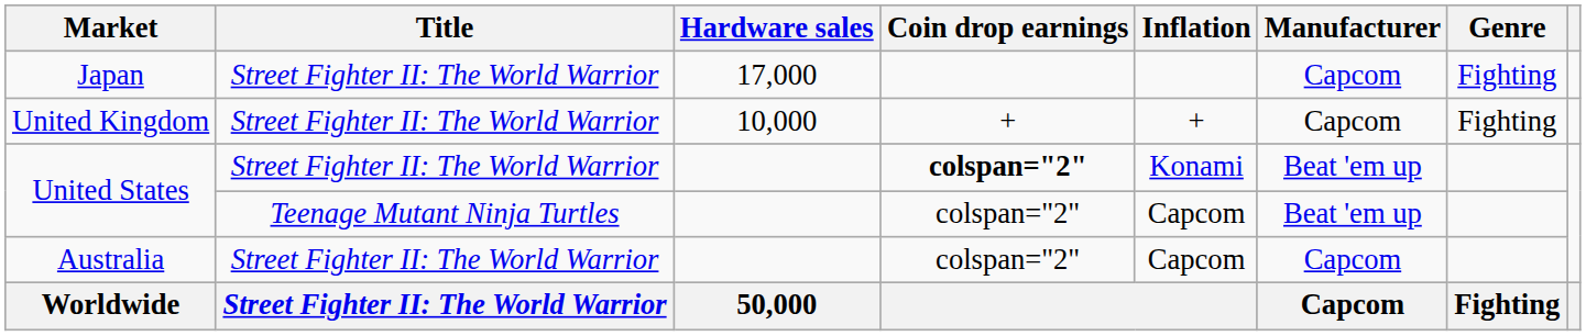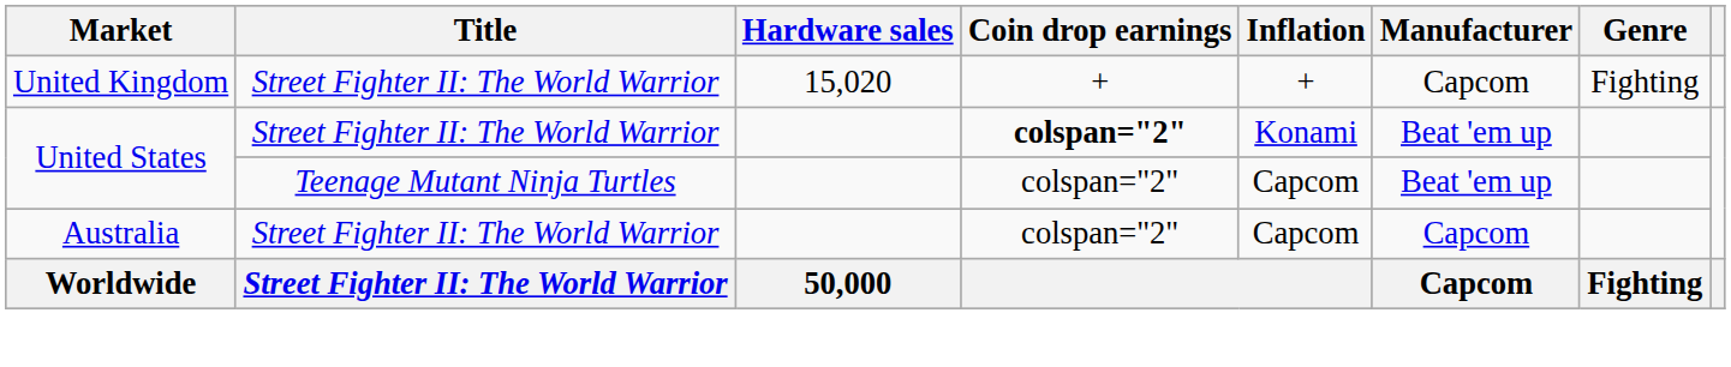 <table class="wikitable sortable" style="text-align:center">
 <tr>
 <th>Market</th>
 <th>Title</th>
 <th><a href='#'>Hardware sales</a></th>
 <th>Coin drop earnings</th>
 <th>Inflation</th>
 <th>Manufacturer</th>
 <th>Genre</th>
 <th class="unsortable"></th>
 </tr>
 <tr>
-<td><a href='#'>Japan</a></td>
-<td><em><a href='#'>Street Fighter II: The World Warrior</a></em></td>
-<td>17,000</td>
-<td></td>
-<td></td>
-<td><a href='#'>Capcom</a></td>
-<td><a href='#'>Fighting</a></td>
-<td></td>
-</tr>
-<tr>
 <td><a href='#'>United Kingdom</a></td>
 <td><em><a href='#'>Street Fighter II: The World Warrior</a></em></td>
-<td>10,000</td>
+<td>15,020</td>
 <td>+</td>
 <td>+</td>
 <td>Capcom</td>
 <td>Fighting</td>
 <td></td>
 </tr>
 <tr>
 <td rowspan="2"><a href='#'>United States</a></td>
 <td><em><a href='#'>Street Fighter II: The World Warrior</a></em></td>
 <td></td>
 <td><strong>colspan="2" </strong></td>
 <td><a href='#'>Konami</a></td>
 <td><a href='#'>Beat 'em up</a></td>
 <td></td>
 </tr>
 <tr>
 <td><em><a href='#'>Teenage Mutant Ninja Turtles</a></em></td>
 <td></td>
 <td>colspan="2" </td>
 <td>Capcom</td>
 <td><a href='#'>Beat 'em up</a></td>
 <td></td>
 </tr>
 <tr>
 <td><a href='#'>Australia</a></td>
 <td><em><a href='#'>Street Fighter II: The World Warrior</a></em></td>
 <td></td>
 <td>colspan="2" </td>
 <td>Capcom</td>
 <td><a href='#'>Capcom</a></td>
 <td></td>
 </tr>
 <tr>
 <th>Worldwide</th>
 <th><em><a href='#'>Street Fighter II: The World Warrior</a></em></th>
 <th>50,000</th>
 <th colspan="2"></th>
 <th>Capcom</th>
 <th>Fighting</th>
 <th></th>
 </tr>
 </table>
